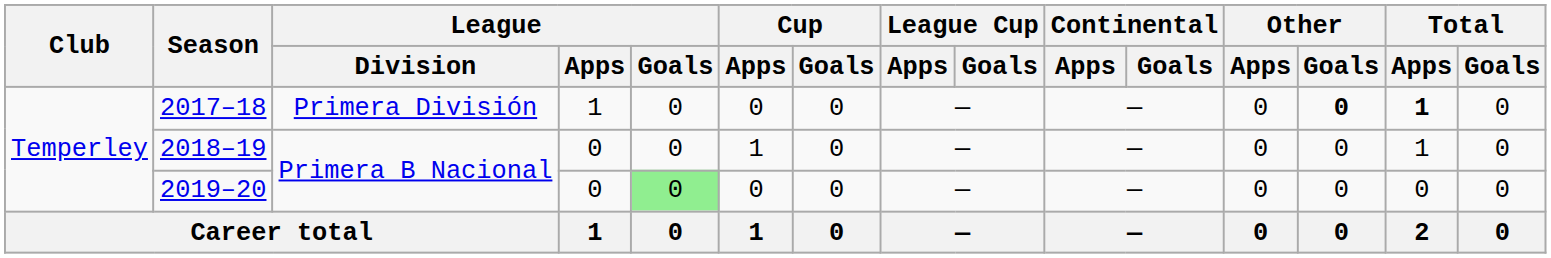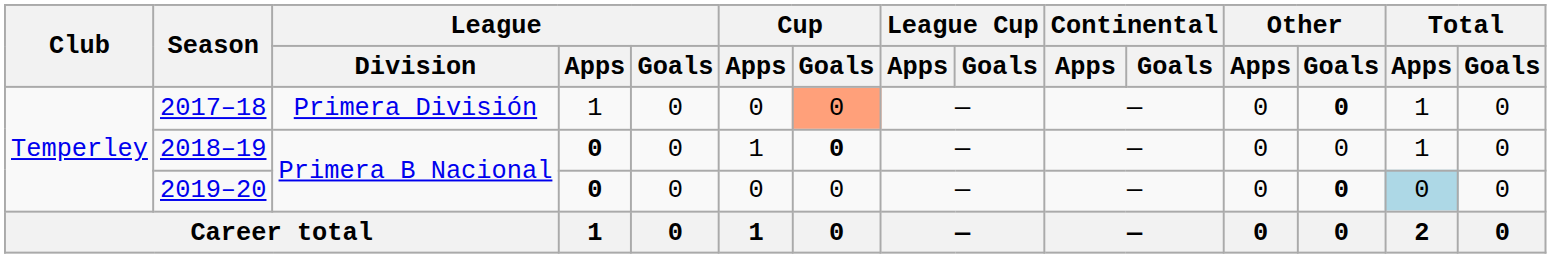 <table class="wikitable" style="text-align:center">
 <tr>
 <th rowspan="2">Club</th>
 <th rowspan="2">Season</th>
 <th colspan="3">League</th>
 <th colspan="2">Cup</th>
 <th colspan="2">League Cup</th>
 <th colspan="2">Continental</th>
 <th colspan="2">Other</th>
 <th colspan="2">Total</th>
 </tr>
 <tr>
 <th>Division</th>
 <th>Apps</th>
 <th>Goals</th>
 <th>Apps</th>
 <th>Goals</th>
 <th>Apps</th>
 <th>Goals</th>
 <th>Apps</th>
 <th>Goals</th>
 <th>Apps</th>
 <th>Goals</th>
 <th>Apps</th>
 <th>Goals</th>
 </tr>
 <tr>
 <td rowspan="3"><a href='#'>Temperley</a></td>
 <td><a href='#'>2017–18</a></td>
 <td rowspan="1"><a href='#'>Primera División</a></td>
 <td>1</td>
 <td>0</td>
 <td>0</td>
-<td>0</td>
+<td style="background: lightsalmon;">0</td>
 <td colspan="2">—</td>
 <td colspan="2">—</td>
 <td>0</td>
 <td><strong>0</strong></td>
-<td><strong>1</strong></td>
+<td>1</td>
 <td>0</td>
 </tr>
 <tr>
 <td><a href='#'>2018–19</a></td>
 <td rowspan="2"><a href='#'>Primera B Nacional</a></td>
-<td>0</td>
+<td><strong>0</strong></td>
 <td>0</td>
 <td>1</td>
-<td>0</td>
+<td><strong>0</strong></td>
 <td colspan="2">—</td>
 <td colspan="2">—</td>
 <td>0</td>
 <td>0</td>
 <td>1</td>
 <td>0</td>
 </tr>
 <tr>
 <td><a href='#'>2019–20</a></td>
+<td><strong>0</strong></td>
 <td>0</td>
-<td style="background: lightgreen;">0</td>
 <td>0</td>
 <td>0</td>
 <td colspan="2">—</td>
 <td colspan="2">—</td>
 <td>0</td>
-<td>0</td>
-<td>0</td>
+<td><strong>0</strong></td>
+<td style="background: lightblue;">0</td>
 <td>0</td>
 </tr>
 <tr>
 <th colspan="3">Career total</th>
 <th>1</th>
 <th>0</th>
 <th>1</th>
 <th>0</th>
 <th colspan="2">—</th>
 <th colspan="2">—</th>
 <th>0</th>
 <th>0</th>
 <th>2</th>
 <th>0</th>
 </tr>
 </table>
